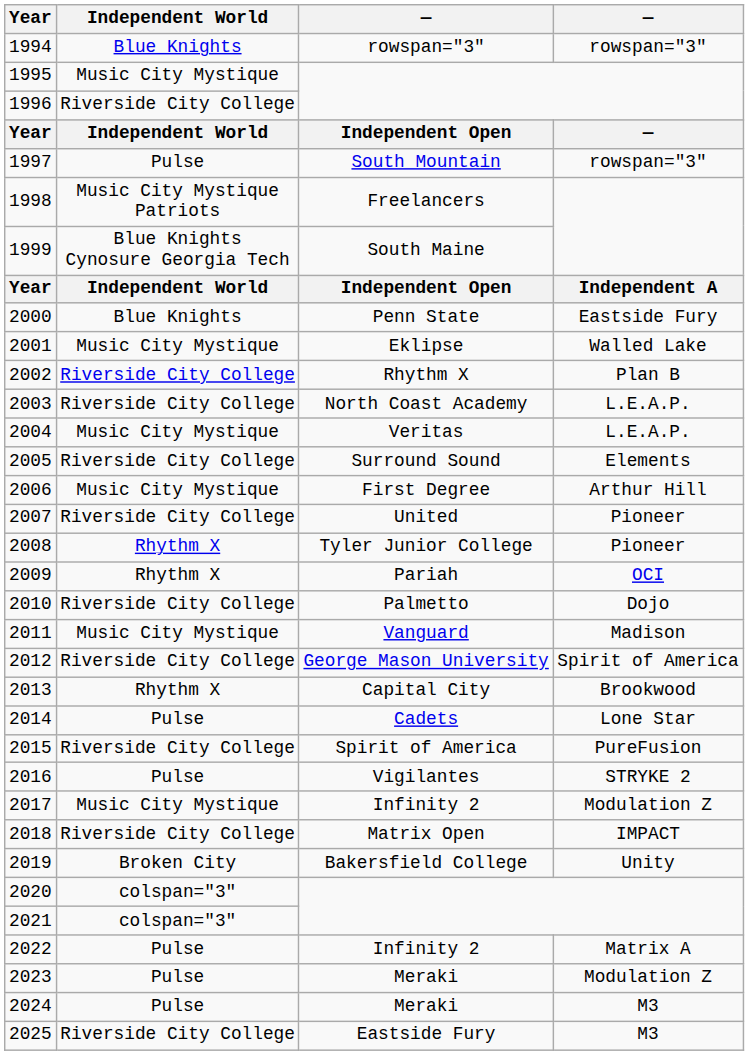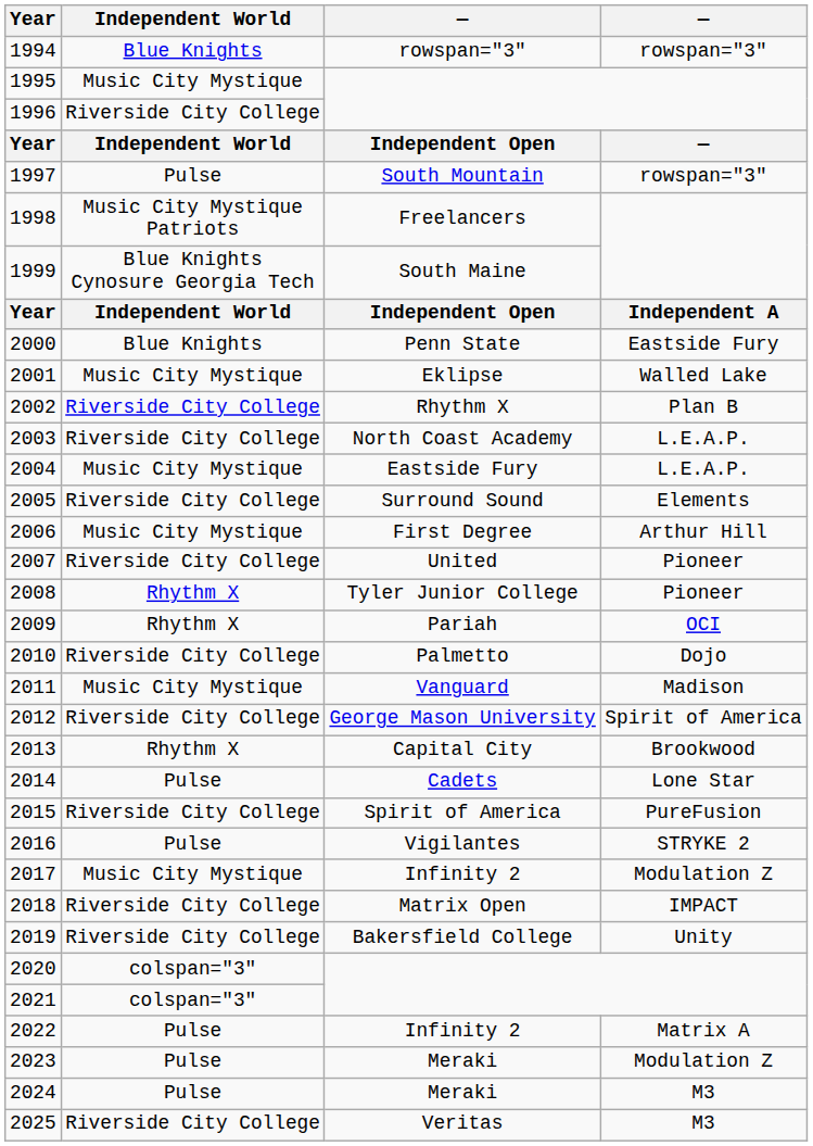 <table class="wikitable" style="font-size: 95%; text-align:center;">
 <tr>
 <th>Year</th>
 <th style="min-width: 10em;">Independent World</th>
 <th style="min-width: 10em;">—</th>
 <th style="min-width: 10em;">—</th>
 </tr>
 <tr>
 <td>1994</td>
 <td><a href='#'>Blue Knights</a> </td>
 <td>rowspan="3" </td>
 <td>rowspan="3" </td>
 </tr>
 <tr>
 <td>1995</td>
 <td>Music City Mystique </td>
 </tr>
 <tr>
 <td>1996</td>
 <td>Riverside City College </td>
 </tr>
 <tr>
 <th>Year</th>
 <th>Independent World</th>
 <th>Independent Open</th>
 <th>—</th>
 </tr>
 <tr>
 <td>1997</td>
 <td>Pulse </td>
 <td><a href='#'>South Mountain</a></td>
 <td>rowspan="3" </td>
 </tr>
 <tr>
 <td>1998</td>
 <td>Music City Mystique <br>Patriots </td>
 <td>Freelancers</td>
 </tr>
 <tr>
 <td>1999</td>
 <td>Blue Knights <br>Cynosure Georgia Tech</td>
 <td>South Maine</td>
 </tr>
 <tr>
 <th>Year</th>
 <th>Independent World</th>
 <th>Independent Open</th>
 <th>Independent A</th>
 </tr>
 <tr>
 <td>2000</td>
 <td>Blue Knights </td>
 <td>Penn State</td>
 <td>Eastside Fury</td>
 </tr>
 <tr>
 <td>2001</td>
 <td>Music City Mystique </td>
 <td>Eklipse</td>
 <td>Walled Lake</td>
 </tr>
 <tr>
 <td>2002</td>
 <td><a href='#'>Riverside City College</a> </td>
 <td>Rhythm X</td>
 <td>Plan B</td>
 </tr>
 <tr>
 <td>2003</td>
 <td>Riverside City College </td>
 <td>North Coast Academy</td>
 <td>L.E.A.P. </td>
 </tr>
 <tr>
 <td>2004</td>
 <td>Music City Mystique </td>
-<td>Veritas</td>
+<td>Eastside Fury</td>
 <td>L.E.A.P. </td>
 </tr>
 <tr>
 <td>2005</td>
 <td>Riverside City College </td>
 <td>Surround Sound</td>
 <td>Elements</td>
 </tr>
 <tr>
 <td>2006</td>
 <td>Music City Mystique </td>
 <td>First Degree</td>
 <td>Arthur Hill</td>
 </tr>
 <tr>
 <td>2007</td>
 <td>Riverside City College </td>
 <td>United</td>
 <td>Pioneer </td>
 </tr>
 <tr>
 <td>2008</td>
 <td><a href='#'>Rhythm X</a> </td>
 <td>Tyler Junior College</td>
 <td>Pioneer </td>
 </tr>
 <tr>
 <td>2009</td>
 <td>Rhythm X </td>
 <td>Pariah</td>
 <td><a href='#'>OCI</a></td>
 </tr>
 <tr>
 <td>2010</td>
 <td>Riverside City College </td>
 <td>Palmetto</td>
 <td>Dojo</td>
 </tr>
 <tr>
 <td>2011</td>
 <td>Music City Mystique </td>
 <td><a href='#'>Vanguard</a></td>
 <td>Madison</td>
 </tr>
 <tr>
 <td>2012</td>
 <td>Riverside City College </td>
 <td><a href='#'>George Mason University</a></td>
 <td>Spirit of America</td>
 </tr>
 <tr>
 <td>2013</td>
 <td>Rhythm X </td>
 <td>Capital City</td>
 <td>Brookwood</td>
 </tr>
 <tr>
 <td>2014</td>
 <td>Pulse </td>
 <td><a href='#'>Cadets</a></td>
 <td>Lone Star</td>
 </tr>
 <tr>
 <td>2015</td>
 <td>Riverside City College </td>
 <td>Spirit of America</td>
 <td>PureFusion</td>
 </tr>
 <tr>
 <td>2016</td>
 <td>Pulse </td>
 <td>Vigilantes</td>
 <td>STRYKE 2</td>
 </tr>
 <tr>
 <td>2017</td>
 <td>Music City Mystique </td>
 <td>Infinity 2</td>
 <td>Modulation Z</td>
 </tr>
 <tr>
 <td>2018</td>
 <td>Riverside City College </td>
 <td>Matrix Open</td>
 <td>IMPACT</td>
 </tr>
 <tr>
 <td>2019</td>
-<td>Broken City</td>
+<td>Riverside City College </td>
 <td>Bakersfield College</td>
 <td>Unity</td>
 </tr>
 <tr>
 <td>2020</td>
 <td>colspan="3" </td>
 </tr>
 <tr>
 <td>2021</td>
 <td>colspan="3" </td>
 </tr>
 <tr>
 <td>2022</td>
 <td>Pulse </td>
 <td>Infinity 2 </td>
 <td>Matrix A</td>
 </tr>
 <tr>
 <td>2023</td>
 <td>Pulse </td>
 <td>Meraki </td>
 <td>Modulation Z </td>
 </tr>
 <tr>
 <td>2024</td>
 <td>Pulse </td>
 <td>Meraki </td>
 <td>M3 </td>
 </tr>
 <tr>
 <td>2025</td>
 <td>Riverside City College </td>
-<td>Eastside Fury</td>
+<td>Veritas</td>
 <td>M3 </td>
 </tr>
 </table>
